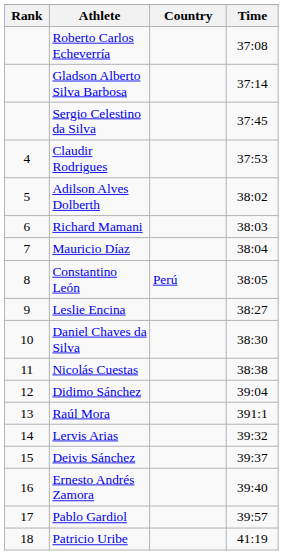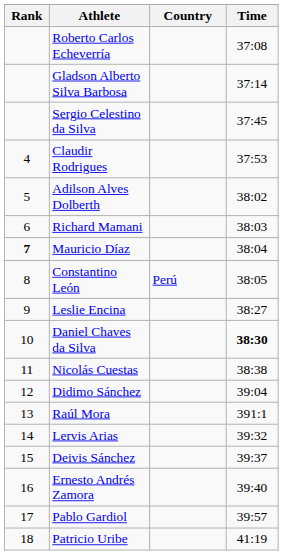 <table class="wikitable sortable" style=" text-align:center; font-size:95%;" width="50%">
 <tr>
 </tr>
 <tr>
 <th width=5%>Rank</th>
 <th width=20%>Athlete</th>
 <th width=15%>Country</th>
 <th width=10%>Time</th>
 </tr>
 <tr>
 <td align=center></td>
 <td align=left><a href='#'>Roberto Carlos Echeverría</a></td>
 <td align=left></td>
 <td>37:08</td>
 </tr>
 <tr>
 <td align=center></td>
 <td align=left><a href='#'>Gladson Alberto Silva Barbosa</a></td>
 <td align=left></td>
 <td>37:14</td>
 </tr>
 <tr>
 <td align=center></td>
 <td align=left><a href='#'>Sergio Celestino da Silva</a></td>
 <td align=left></td>
 <td>37:45</td>
 </tr>
 <tr>
 <td align=center>4</td>
 <td align=left><a href='#'>Claudir Rodrigues</a></td>
 <td align=left></td>
 <td>37:53</td>
 </tr>
 <tr>
 <td align=center>5</td>
 <td align=left><a href='#'>Adilson Alves Dolberth</a></td>
 <td align=left></td>
 <td>38:02</td>
 </tr>
 <tr>
 <td align=center>6</td>
 <td align=left><a href='#'>Richard Mamani</a></td>
 <td align=left></td>
 <td>38:03</td>
 </tr>
 <tr>
-<td align=center>7</td>
+<td align=center><strong>7</strong></td>
 <td align=left><a href='#'>Mauricio Díaz</a></td>
 <td align=left></td>
 <td>38:04</td>
 </tr>
 <tr>
 <td align=center>8</td>
 <td align=left><a href='#'>Constantino León</a></td>
 <td align=left> <a href='#'>Perú</a></td>
 <td>38:05</td>
 </tr>
 <tr>
 <td align=center>9</td>
 <td align=left><a href='#'>Leslie Encina</a></td>
 <td align=left></td>
 <td>38:27</td>
 </tr>
 <tr>
 <td align=center>10</td>
 <td align=left><a href='#'>Daniel Chaves da Silva</a></td>
 <td align=left></td>
-<td>38:30</td>
+<td><strong>38:30</strong></td>
 </tr>
 <tr>
 <td align=center>11</td>
 <td align=left><a href='#'>Nicolás Cuestas</a></td>
 <td align=left></td>
 <td>38:38</td>
 </tr>
 <tr>
 <td align=center>12</td>
 <td align=left><a href='#'>Didimo Sánchez</a></td>
 <td align=left></td>
 <td>39:04</td>
 </tr>
 <tr>
 <td align=center>13</td>
 <td align=left><a href='#'>Raúl Mora</a></td>
 <td align=left></td>
 <td>391:1</td>
 </tr>
 <tr>
 <td align=center>14</td>
 <td align=left><a href='#'>Lervis Arias</a></td>
 <td align=left></td>
 <td>39:32</td>
 </tr>
 <tr>
 <td align=center>15</td>
 <td align=left><a href='#'>Deivis Sánchez</a></td>
 <td align=left></td>
 <td>39:37</td>
 </tr>
 <tr>
 <td align=center>16</td>
 <td align=left><a href='#'>Ernesto Andrés Zamora</a></td>
 <td align=left></td>
 <td>39:40</td>
 </tr>
 <tr>
 <td align=center>17</td>
 <td align=left><a href='#'>Pablo Gardiol</a></td>
 <td align=left></td>
 <td>39:57</td>
 </tr>
 <tr>
 <td align=center>18</td>
 <td align=left><a href='#'>Patricio Uribe</a></td>
 <td align=left></td>
 <td>41:19</td>
 </tr>
 </table>
